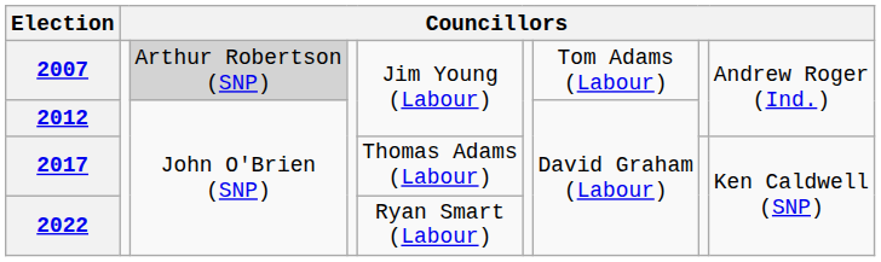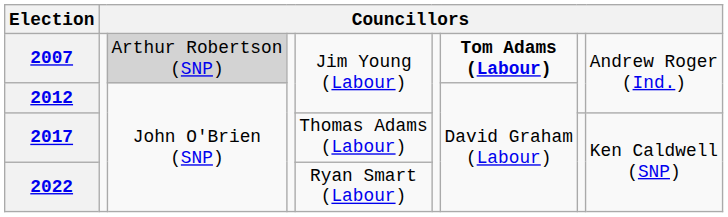 <table class="wikitable" style="text-align:center">
 <tr>
 <th>Election</th>
 <th colspan=8>Councillors</th>
 </tr>
 <tr>
 <th><a href='#'>2007</a></th>
 <td rowspan=4; style="background-color: "></td>
 <td rowspan=1 style="background: lightgrey;">Arthur Robertson<br>(<a href='#'>SNP</a>)</td>
 <td rowspan=4; style="background-color: "></td>
 <td rowspan=2>Jim Young<br>(<a href='#'>Labour</a>)</td>
 <td rowspan=4; style="background-color: "></td>
-<td rowspan=1>Tom Adams<br>(<a href='#'>Labour</a>)</td>
+<td rowspan=1><strong>Tom Adams<br>(<a href='#'>Labour</a>)</strong></td>
 <td rowspan=2; style="background-color: "></td>
 <td rowspan=2>Andrew Roger<br>(<a href='#'>Ind.</a>)</td>
 </tr>
 <tr>
 <th><a href='#'>2012</a></th>
 <td rowspan=3>John O'Brien<br>(<a href='#'>SNP</a>)</td>
 <td rowspan=3>David Graham<br>(<a href='#'>Labour</a>)</td>
 </tr>
 <tr>
 <th><a href='#'>2017</a></th>
 <td rowspan=1>Thomas Adams<br>(<a href='#'>Labour</a>)</td>
 <td rowspan=2; style="background-color: "></td>
 <td rowspan=2>Ken Caldwell<br>(<a href='#'>SNP</a>)</td>
 </tr>
 <tr>
 <th><a href='#'>2022</a></th>
 <td rowspan=1>Ryan Smart<br>(<a href='#'>Labour</a>)</td>
 </tr>
 </table>
